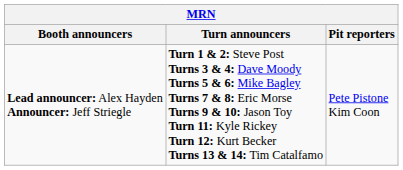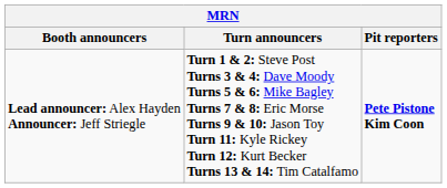 <table class="wikitable" style="font-size: 95%">
 <tr>
 <th colspan="3"><a href='#'>MRN</a></th>
 </tr>
 <tr>
 <th>Booth announcers</th>
 <th>Turn announcers</th>
 <th>Pit reporters</th>
 </tr>
 <tr>
 <td><strong>Lead announcer:</strong> Alex Hayden<br><strong>Announcer:</strong> Jeff Striegle</td>
 <td><strong>Turn 1 & 2:</strong> Steve Post<br><strong>Turns 3 & 4:</strong> <a href='#'>Dave Moody</a><br><strong>Turns 5 & 6:</strong> <a href='#'>Mike Bagley</a><br><strong>Turns 7 & 8:</strong> Eric Morse<br><strong>Turns 9 & 10:</strong> Jason Toy<br><strong>Turn 11:</strong> Kyle Rickey<br><strong>Turn 12:</strong> Kurt Becker<br><strong>Turns 13 & 14:</strong> Tim Catalfamo</td>
-<td><a href='#'>Pete Pistone</a><br>Kim Coon</td>
+<td><strong><a href='#'>Pete Pistone</a><br>Kim Coon</strong></td>
 </tr>
 </table>
